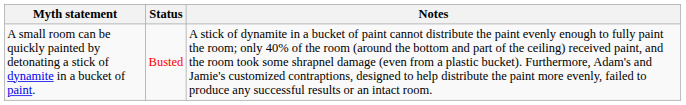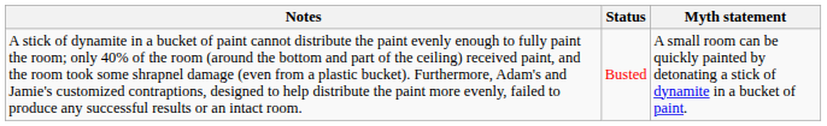 <table class="wikitable plainrowheaders">
 <tr>
+<th>Notes</th>
+<th>Status</th>
 <th>Myth statement</th>
-<th>Status</th>
-<th>Notes</th>
 </tr>
 <tr>
+<td>A stick of dynamite in a bucket of paint cannot distribute the paint evenly enough to fully paint the room; only 40% of the room (around the bottom and part of the ceiling) received paint, and the room took some shrapnel damage (even from a plastic bucket). Furthermore, Adam's and Jamie's customized contraptions, designed to help distribute the paint more evenly, failed to produce any successful results or an intact room.</td>
+<td style="color:red">Busted</td>
 <td>A small room can be quickly painted by detonating a stick of <a href='#'>dynamite</a> in a bucket of <a href='#'>paint</a>.</td>
-<td style="color:red">Busted</td>
-<td>A stick of dynamite in a bucket of paint cannot distribute the paint evenly enough to fully paint the room; only 40% of the room (around the bottom and part of the ceiling) received paint, and the room took some shrapnel damage (even from a plastic bucket). Furthermore, Adam's and Jamie's customized contraptions, designed to help distribute the paint more evenly, failed to produce any successful results or an intact room.</td>
 </tr>
 </table>
